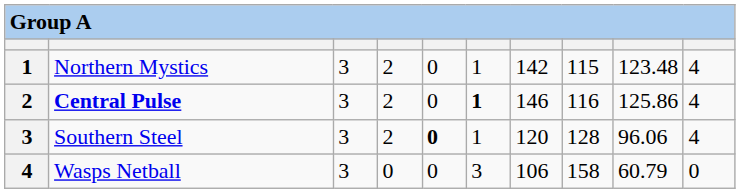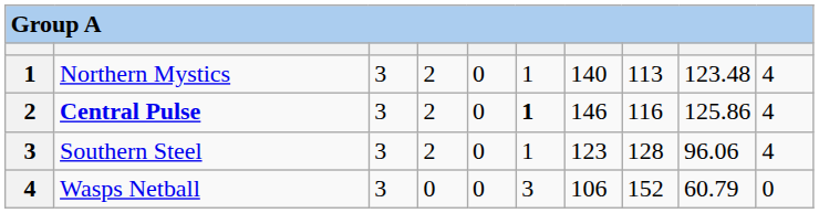 <table class="wikitable collapsible">
 <tr>
 <td colspan=11 style="background-color:#ABCDEF"><strong>Group A</strong></td>
 </tr>
 <tr>
 <th width="25"></th>
 <th width="200"></th>
 <th width="25"></th>
 <th width="25"></th>
 <th width="25"></th>
 <th width="25"></th>
 <th width="30"></th>
 <th width="30"></th>
 <th width="30"></th>
 <th width="30"></th>
 </tr>
 <tr style="background:#">
 <th>1</th>
 <td style="text-align:left;"> <a href='#'>Northern Mystics</a></td>
 <td>3</td>
 <td>2</td>
 <td>0</td>
 <td>1</td>
-<td>142</td>
-<td>115</td>
+<td>140</td>
+<td>113</td>
 <td>123.48</td>
 <td>4</td>
 </tr>
 <tr style="background:#">
 <th>2</th>
 <td style="text-align:left;"> <strong><a href='#'>Central Pulse</a></strong></td>
 <td>3</td>
 <td>2</td>
 <td>0</td>
 <td><strong>1</strong></td>
 <td>146</td>
 <td>116</td>
 <td>125.86</td>
 <td>4</td>
 </tr>
 <tr style="background:#">
 <th>3</th>
 <td style="text-align:left;"> <a href='#'>Southern Steel</a></td>
 <td>3</td>
 <td>2</td>
-<td><strong>0</strong></td>
+<td>0</td>
 <td>1</td>
-<td>120</td>
+<td>123</td>
 <td>128</td>
 <td>96.06</td>
 <td>4</td>
 </tr>
 <tr style="background:#">
 <th>4</th>
 <td style="text-align:left;"> <a href='#'>Wasps Netball</a></td>
 <td>3</td>
 <td>0</td>
 <td>0</td>
 <td>3</td>
 <td>106</td>
-<td>158</td>
+<td>152</td>
 <td>60.79</td>
 <td>0</td>
 </tr>
 </table>
